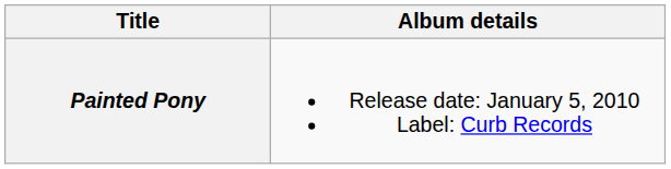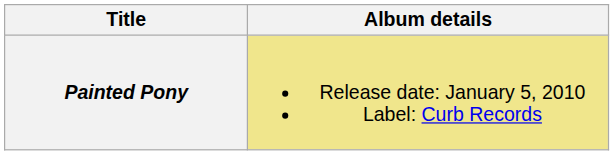 <table class="wikitable plainrowheaders" style="text-align:center;">
 <tr>
 <th style="width:12em;">Title</th>
 <th style="width:18em;">Album details</th>
 </tr>
 <tr>
 <th scope="row"><em>Painted Pony</em></th>
-<td><br><ul><li>Release date: January 5, 2010</li><li>Label: <a href='#'>Curb Records</a></li></ul></td>
+<td style="background: khaki;"><br><ul><li>Release date: January 5, 2010</li><li>Label: <a href='#'>Curb Records</a></li></ul></td>
 </tr>
 </table>
